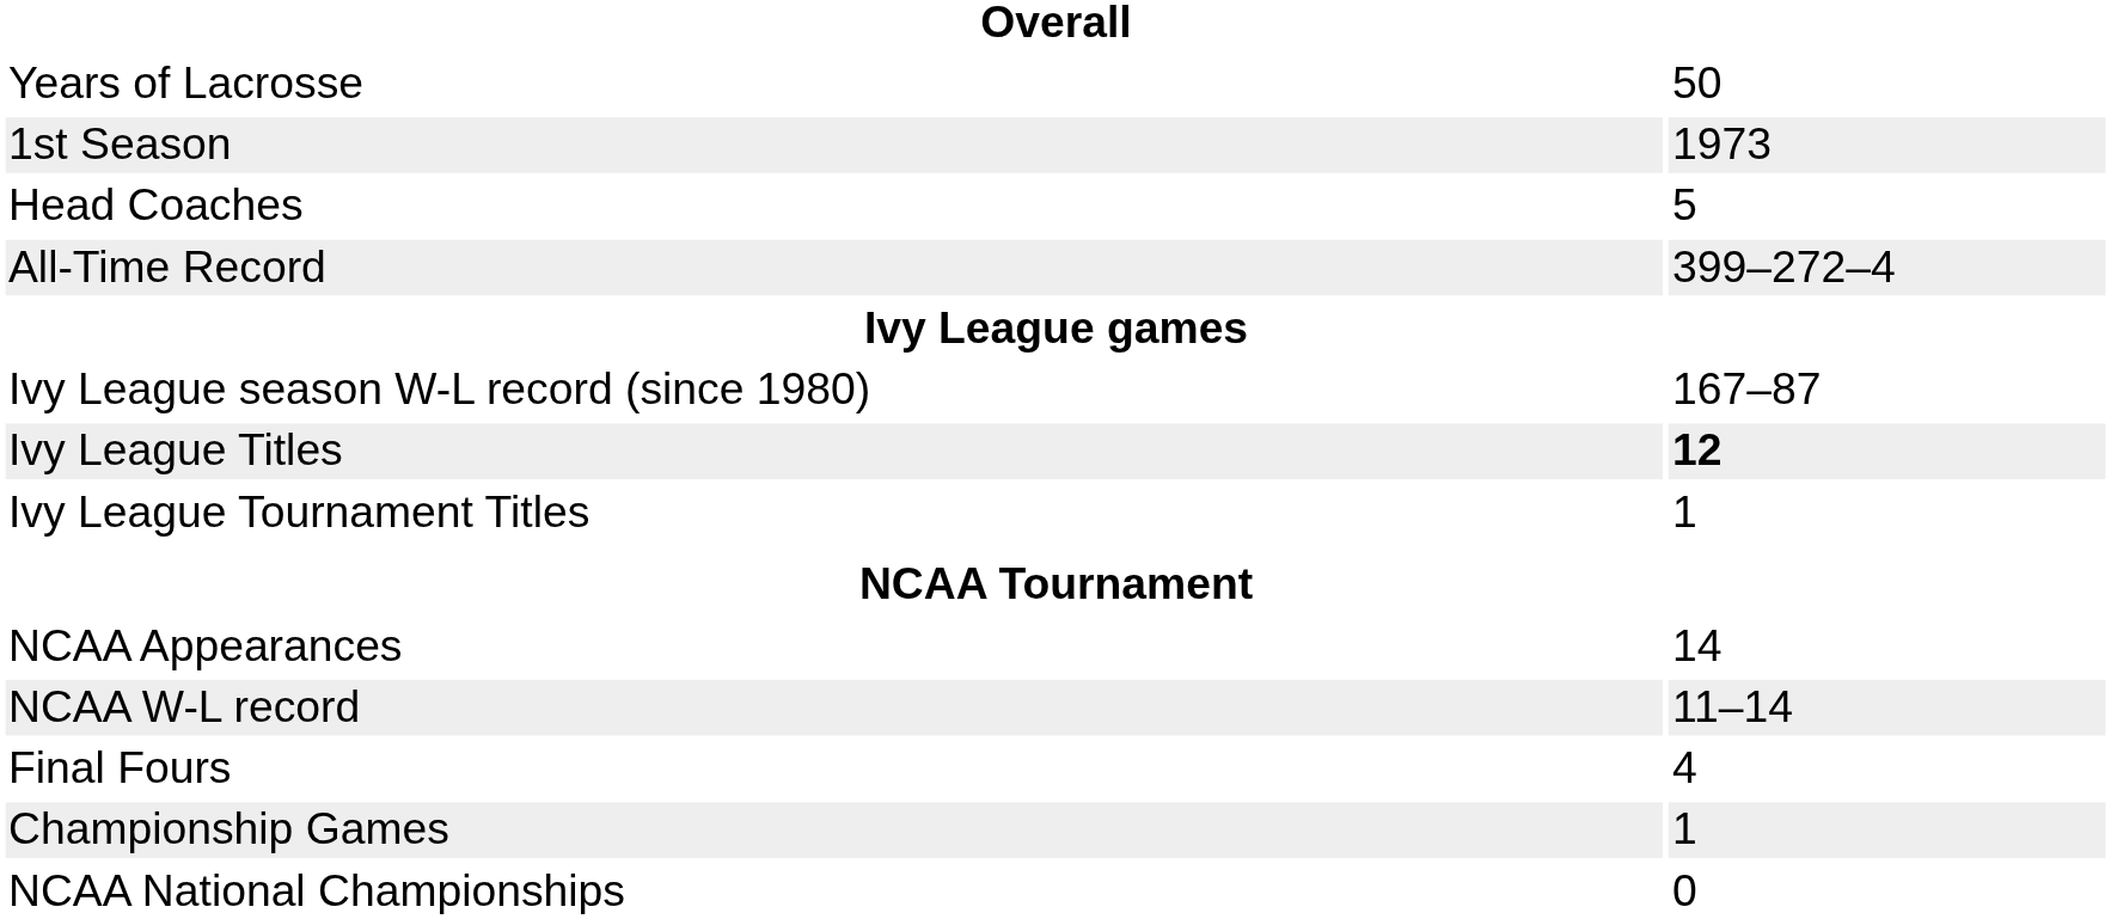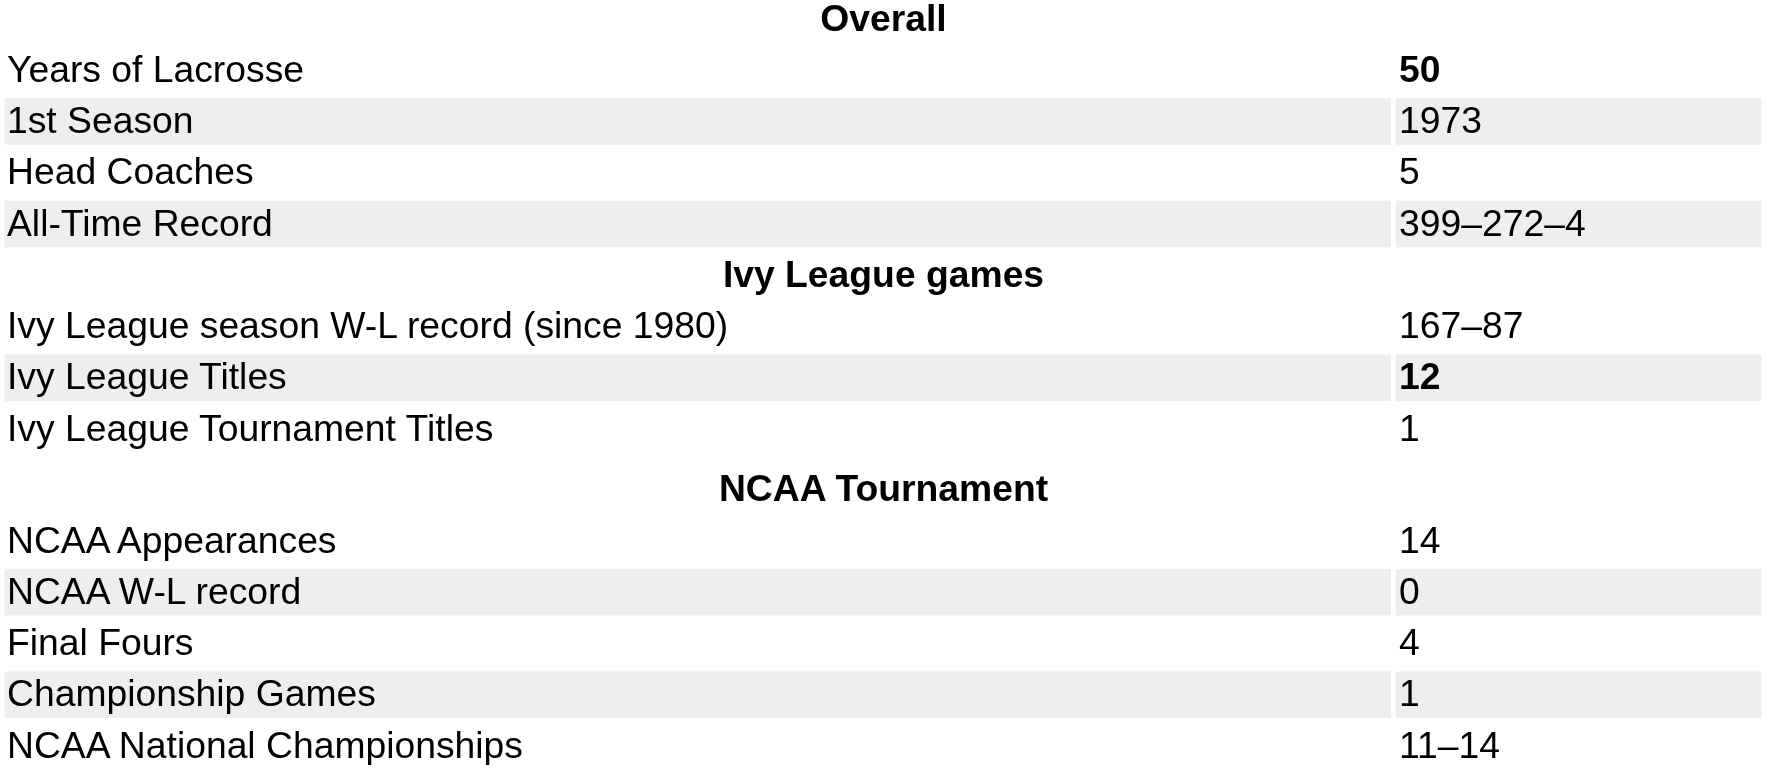 <table width=60% class="toccolours">
 <tr>
 <th colspan=2>Overall</th>
 </tr>
 <tr>
 <td>Years of Lacrosse</td>
-<td>50</td>
+<td><strong>50</strong></td>
 </tr>
 <tr bgcolor=#eeeeee>
 <td>1st Season</td>
 <td>1973</td>
 </tr>
 <tr>
 <td>Head Coaches</td>
 <td>5</td>
 </tr>
 <tr bgcolor=#eeeeee>
 <td>All-Time Record</td>
 <td>399–272–4</td>
 </tr>
 <tr>
 <th colspan=2>Ivy League games</th>
 </tr>
 <tr>
 <td>Ivy League season W-L record (since 1980)</td>
 <td>167–87</td>
 </tr>
 <tr bgcolor=#eeeeee>
 <td>Ivy League Titles</td>
 <td><strong>12</strong></td>
 </tr>
 <tr>
 <td>Ivy League Tournament Titles</td>
 <td>1</td>
 </tr>
 <tr>
 </tr>
 <tr bgcolor=#eeeeee>
 </tr>
 <tr>
 <th colspan=2>NCAA Tournament</th>
 </tr>
 <tr>
 <td>NCAA Appearances</td>
 <td>14</td>
 </tr>
 <tr bgcolor=#eeeeee>
 <td>NCAA W-L record</td>
-<td>11–14</td>
+<td>0</td>
 </tr>
 <tr>
 <td>Final Fours</td>
 <td>4</td>
 </tr>
 <tr bgcolor=#eeeeee>
 <td>Championship Games</td>
 <td>1</td>
 </tr>
 <tr>
 <td>NCAA National Championships</td>
-<td>0</td>
+<td>11–14</td>
 </tr>
 </table>
